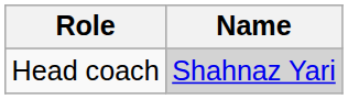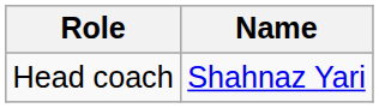 <table class="wikitable">
 <tr>
 <th>Role</th>
 <th>Name</th>
 </tr>
 <tr>
 <td>Head coach</td>
-<td style="background: lightgrey;"> <a href='#'>Shahnaz Yari</a><br></td>
+<td> <a href='#'>Shahnaz Yari</a><br></td>
 </tr>
 </table>
